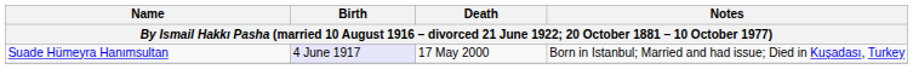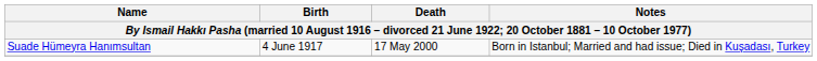 <table class="wikitable">
 <tr>
 <th>Name</th>
 <th>Birth</th>
 <th>Death</th>
 <th style="width:40%;">Notes</th>
 </tr>
 <tr>
 <th colspan="4"><strong><em>By Ismail Hakkı Pasha</em></strong> (married 10 August 1916 – divorced 21 June 1922; 20 October 1881 – 10 October 1977)</th>
 </tr>
 <tr>
 <td><a href='#'>Suade Hümeyra Hanımsultan</a></td>
-<td style="background: lavender;">4 June 1917</td>
+<td>4 June 1917</td>
 <td>17 May 2000</td>
 <td>Born in Istanbul; Married and had issue; Died in <a href='#'>Kuşadası</a>, <a href='#'>Turkey</a></td>
 </tr>
 <tr>
 </tr>
 </table>
